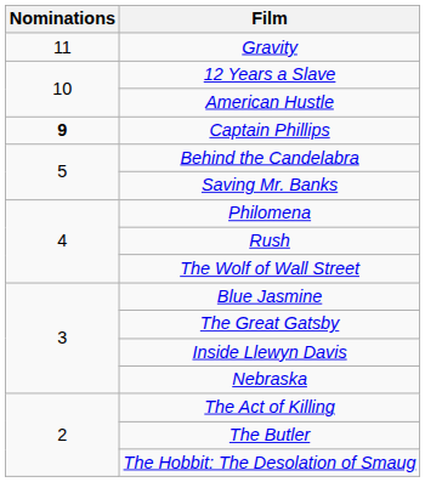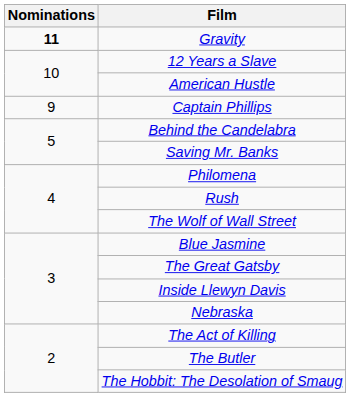 <table class="wikitable" style="text-align:center;">
 <tr>
 <th style="background:">Nominations</th>
 <th style="background:">Film</th>
 </tr>
 <tr>
-<td>11</td>
+<td><strong>11</strong></td>
 <td><em><a href='#'>Gravity</a></em></td>
 </tr>
 <tr>
 <td rowspan="2">10</td>
 <td><em><a href='#'>12 Years a Slave</a></em></td>
 </tr>
 <tr>
 <td><em><a href='#'>American Hustle</a></em></td>
 </tr>
 <tr>
-<td><strong>9</strong></td>
+<td>9</td>
 <td><em><a href='#'>Captain Phillips</a></em></td>
 </tr>
 <tr>
 <td rowspan="2">5</td>
 <td><em><a href='#'>Behind the Candelabra</a></em></td>
 </tr>
 <tr>
 <td><em><a href='#'>Saving Mr. Banks</a></em></td>
 </tr>
 <tr>
 <td rowspan="3">4</td>
 <td><em><a href='#'>Philomena</a></em></td>
 </tr>
 <tr>
 <td><em><a href='#'>Rush</a></em></td>
 </tr>
 <tr>
 <td><em><a href='#'>The Wolf of Wall Street</a></em></td>
 </tr>
 <tr>
 <td rowspan="4">3</td>
 <td><em><a href='#'>Blue Jasmine</a></em></td>
 </tr>
 <tr>
 <td><em><a href='#'>The Great Gatsby</a></em></td>
 </tr>
 <tr>
 <td><em><a href='#'>Inside Llewyn Davis</a></em></td>
 </tr>
 <tr>
 <td><em><a href='#'>Nebraska</a></em></td>
 </tr>
 <tr>
 <td rowspan="3">2</td>
 <td><em><a href='#'>The Act of Killing</a></em></td>
 </tr>
 <tr>
 <td><em><a href='#'>The Butler</a></em></td>
 </tr>
 <tr>
 <td><em><a href='#'>The Hobbit: The Desolation of Smaug</a></em></td>
 </tr>
 </table>
